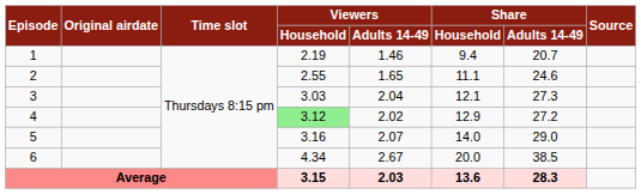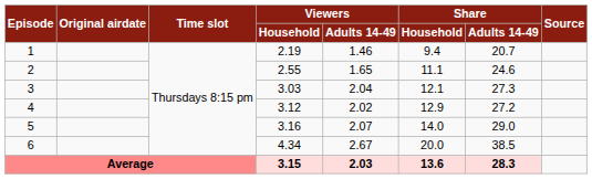 <table class="wikitable" style="text-align:center;">
 <tr>
 <th style="background:#8b1c10; color:#fff;" rowspan="2">Episode</th>
 <th style="background:#8b1c10; color:#fff;" rowspan="2">Original airdate</th>
 <th style="background:#8b1c10; color:#fff;" rowspan="2">Time slot</th>
 <th style="background:#8b1c10; color:#fff;" colspan="2">Viewers<br><small></small></th>
 <th style="background:#8b1c10; color:#fff;" colspan="2">Share<br><small></small></th>
 <th style="background:#8b1c10; color:#fff;" rowspan="2">Source</th>
 </tr>
 <tr>
 <th style="background:#8b1c10; color:#fff;">Household</th>
 <th style="background:#8b1c10; color:#fff;">Adults 14-49</th>
 <th style="background:#8b1c10; color:#fff;">Household</th>
 <th style="background:#8b1c10; color:#fff;">Adults 14-49</th>
 </tr>
 <tr>
 <td>1</td>
 <td></td>
 <td rowspan=6>Thursdays 8:15 pm</td>
 <td>2.19</td>
 <td>1.46</td>
 <td>9.4</td>
 <td>20.7</td>
 <td></td>
 </tr>
 <tr>
 <td>2</td>
 <td></td>
 <td>2.55</td>
 <td>1.65</td>
 <td>11.1</td>
 <td>24.6</td>
 <td></td>
 </tr>
 <tr>
 <td>3</td>
 <td></td>
 <td>3.03</td>
 <td>2.04</td>
 <td>12.1</td>
 <td>27.3</td>
 <td></td>
 </tr>
 <tr>
 <td>4</td>
 <td></td>
-<td style="background: lightgreen;">3.12</td>
+<td>3.12</td>
 <td>2.02</td>
 <td>12.9</td>
 <td>27.2</td>
 <td></td>
 </tr>
 <tr>
 <td>5</td>
 <td></td>
 <td>3.16</td>
 <td>2.07</td>
 <td>14.0</td>
 <td>29.0</td>
 <td></td>
 </tr>
 <tr>
 <td>6</td>
 <td></td>
 <td>4.34</td>
 <td>2.67</td>
 <td>20.0</td>
 <td>38.5</td>
 <td></td>
 </tr>
 <tr>
 <th style="background:#ff8888;" colspan="3">Average</th>
 <td style="background:#ffdddd;"><strong>3.15</strong></td>
 <td style="background:#ffdddd;"><strong>2.03</strong></td>
 <td style="background:#ffdddd;"><strong>13.6</strong></td>
 <td style="background:#ffdddd;"><strong>28.3</strong></td>
 <td></td>
 </tr>
 </table>
